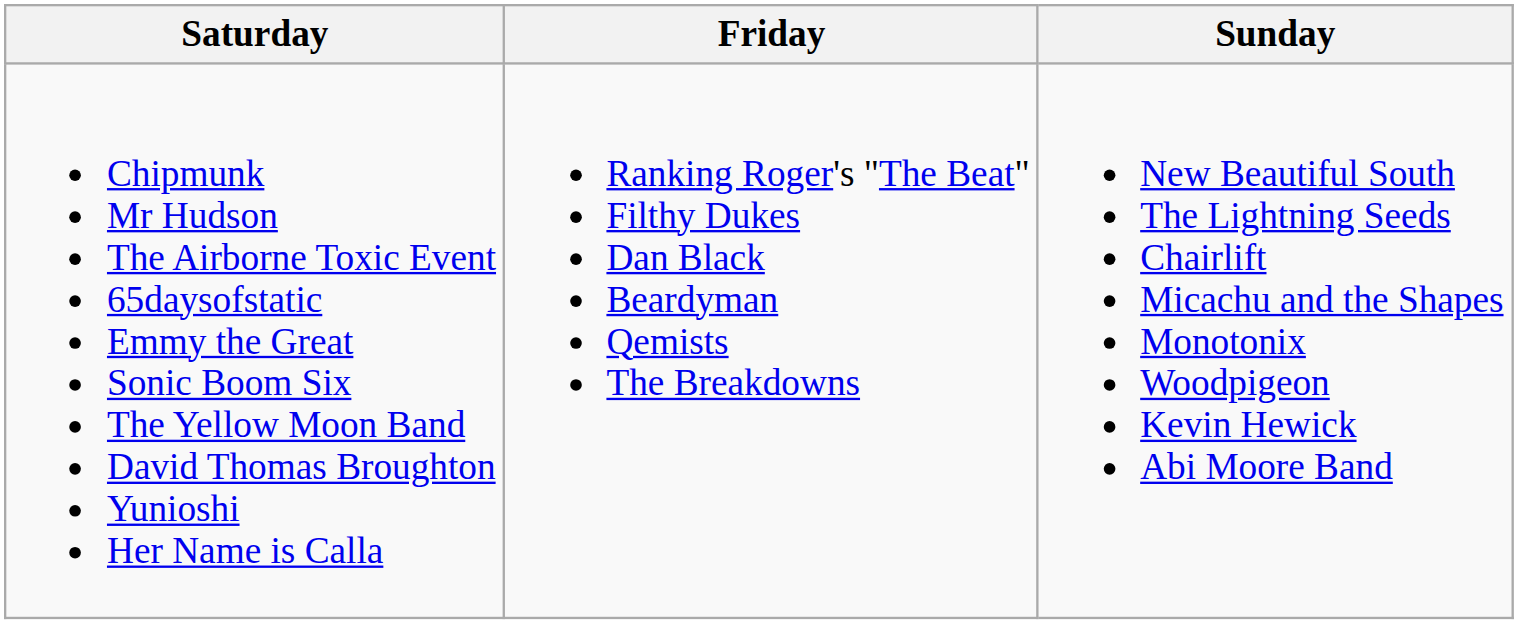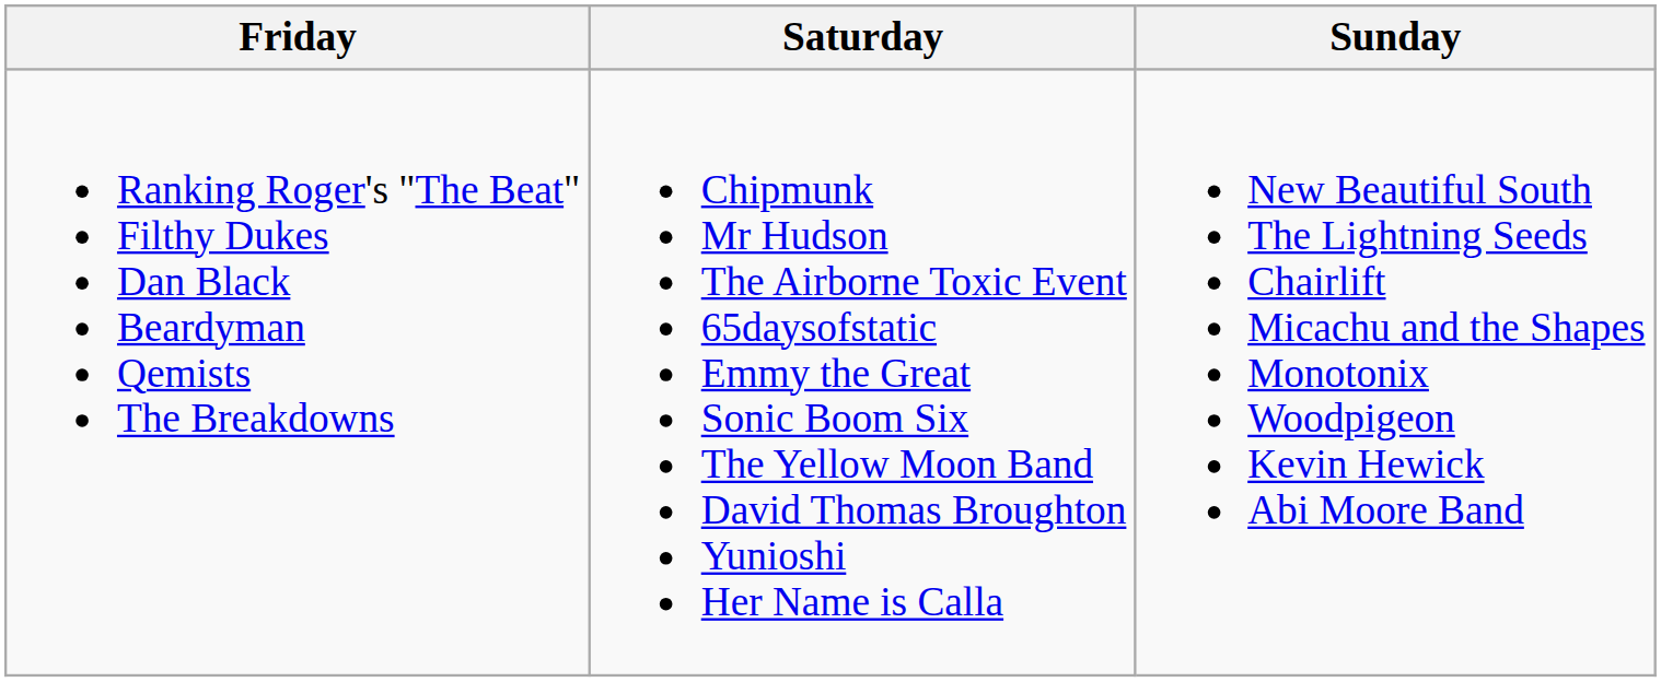 <table class="wikitable">
 <tr>
+<th>Friday</th>
 <th>Saturday</th>
-<th>Friday</th>
 <th>Sunday</th>
 </tr>
 <tr>
+<td valign=top><br><ul><li><a href='#'>Ranking Roger</a>'s "<a href='#'>The Beat</a>"</li><li><a href='#'>Filthy Dukes</a></li><li><a href='#'>Dan Black</a></li><li><a href='#'>Beardyman</a></li><li><a href='#'>Qemists</a></li><li><a href='#'>The Breakdowns</a></li></ul></td>
 <td valign=top><br><ul><li><a href='#'>Chipmunk</a></li><li><a href='#'>Mr Hudson</a></li><li><a href='#'>The Airborne Toxic Event</a></li><li><a href='#'>65daysofstatic</a></li><li><a href='#'>Emmy the Great</a></li><li><a href='#'>Sonic Boom Six</a></li><li><a href='#'>The Yellow Moon Band</a></li><li><a href='#'>David Thomas Broughton</a></li><li><a href='#'>Yunioshi</a></li><li><a href='#'>Her Name is Calla</a></li></ul></td>
-<td valign=top><br><ul><li><a href='#'>Ranking Roger</a>'s "<a href='#'>The Beat</a>"</li><li><a href='#'>Filthy Dukes</a></li><li><a href='#'>Dan Black</a></li><li><a href='#'>Beardyman</a></li><li><a href='#'>Qemists</a></li><li><a href='#'>The Breakdowns</a></li></ul></td>
 <td valign=top><br><ul><li><a href='#'>New Beautiful South</a></li><li><a href='#'>The Lightning Seeds</a></li><li><a href='#'>Chairlift</a></li><li><a href='#'>Micachu and the Shapes</a></li><li><a href='#'>Monotonix</a></li><li><a href='#'>Woodpigeon</a></li><li><a href='#'>Kevin Hewick</a></li><li><a href='#'>Abi Moore Band</a></li></ul></td>
 </tr>
 </table>
